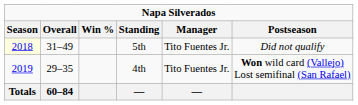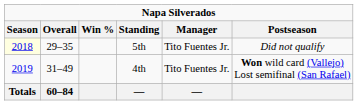 <table class="wikitable" style="text-align:center">
 <tr>
 <td colspan="7"><strong>Napa Silverados</strong></td>
 </tr>
 <tr>
 <th>Season</th>
 <th>Overall</th>
 <th>Win %</th>
 <th>Standing</th>
 <th>Manager</th>
 <th>Postseason</th>
 </tr>
 <tr>
 <td style="background: lightyellow;"><a href='#'>2018</a></td>
-<td>31–49</td>
+<td>29–35</td>
 <td></td>
 <td>5th</td>
 <td>Tito Fuentes Jr.</td>
 <td><em>Did not qualify</em></td>
 </tr>
 <tr>
 <td><a href='#'>2019</a></td>
-<td>29–35</td>
+<td>31–49</td>
 <td></td>
 <td>4th</td>
 <td>Tito Fuentes Jr.</td>
 <td><strong>Won</strong> wild card <a href='#'>(Vallejo)</a> <br> Lost semifinal <a href='#'>(San Rafael)</a></td>
 </tr>
 <tr align="center">
 <th colspan="1">Totals</th>
 <th>60–84</th>
 <th></th>
 <th>—</th>
 <th>—</th>
 <th></th>
 </tr>
 </table>
